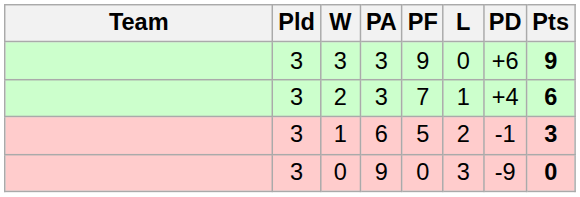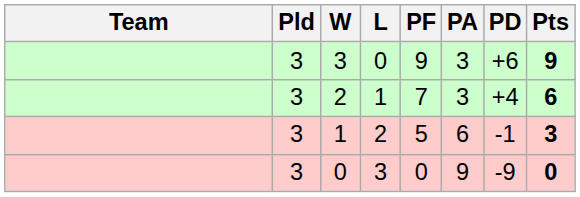 <table class="wikitable" style="text-align:center;">
 <tr>
 <th width=175>Team</th>
 <th width=20 abbr="Played">Pld</th>
 <th width=20 abbr="Won">W</th>
+<th width=20 abbr="Lost">L</th>
+<th width=20 abbr="Points for">PF</th>
 <th width=20 abbr="Points against">PA</th>
-<th width=20 abbr="Points for">PF</th>
-<th width=20 abbr="Lost">L</th>
 <th width=20 abbr="Points difference">PD</th>
 <th width=20 abbr="Points">Pts</th>
 </tr>
 <tr bgcolor=#ccffcc>
 <td align=left></td>
 <td>3</td>
 <td>3</td>
+<td>0</td>
+<td>9</td>
 <td>3</td>
-<td>9</td>
-<td>0</td>
 <td>+6</td>
 <td><strong>9</strong></td>
 </tr>
 <tr bgcolor=#ccffcc>
 <td align=left></td>
 <td>3</td>
 <td>2</td>
+<td>1</td>
+<td>7</td>
 <td>3</td>
-<td>7</td>
-<td>1</td>
 <td>+4</td>
 <td><strong>6</strong></td>
 </tr>
 <tr bgcolor=#ffcccc>
 <td align=left></td>
 <td>3</td>
 <td>1</td>
+<td>2</td>
+<td>5</td>
 <td>6</td>
-<td>5</td>
-<td>2</td>
 <td>-1</td>
 <td><strong>3</strong></td>
 </tr>
 <tr bgcolor=#ffcccc>
 <td align=left></td>
 <td>3</td>
 <td>0</td>
+<td>3</td>
+<td>0</td>
 <td>9</td>
-<td>0</td>
-<td>3</td>
 <td>-9</td>
 <td><strong>0</strong></td>
 </tr>
 </table>
